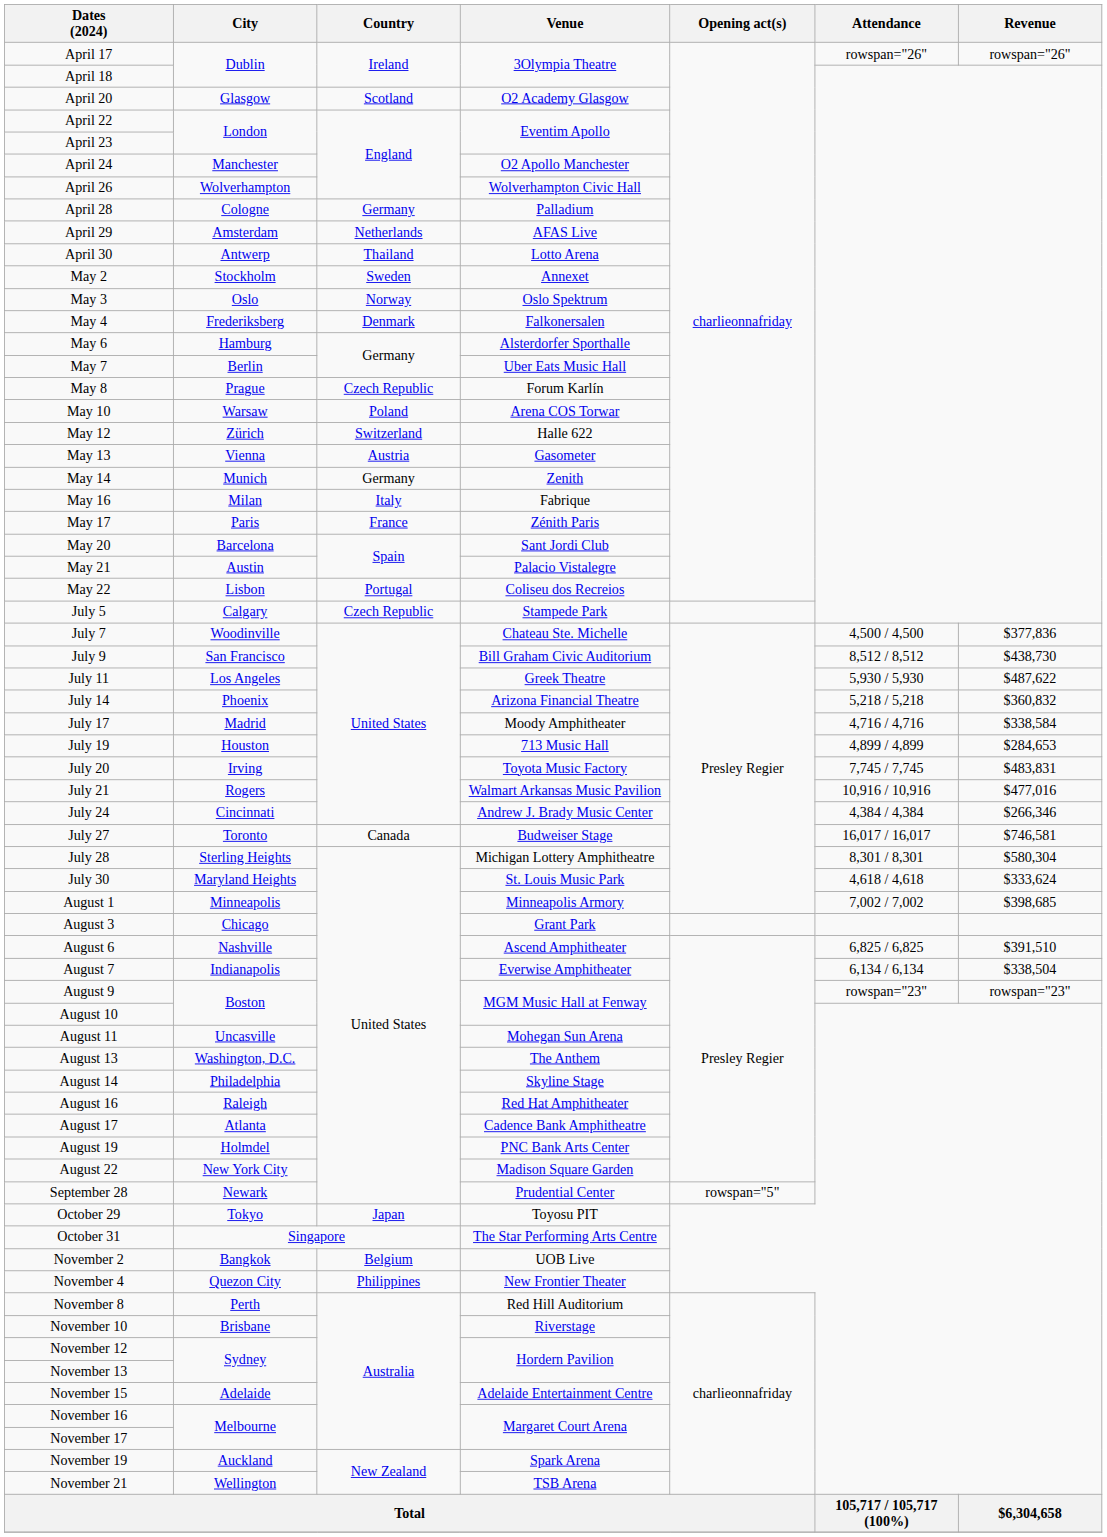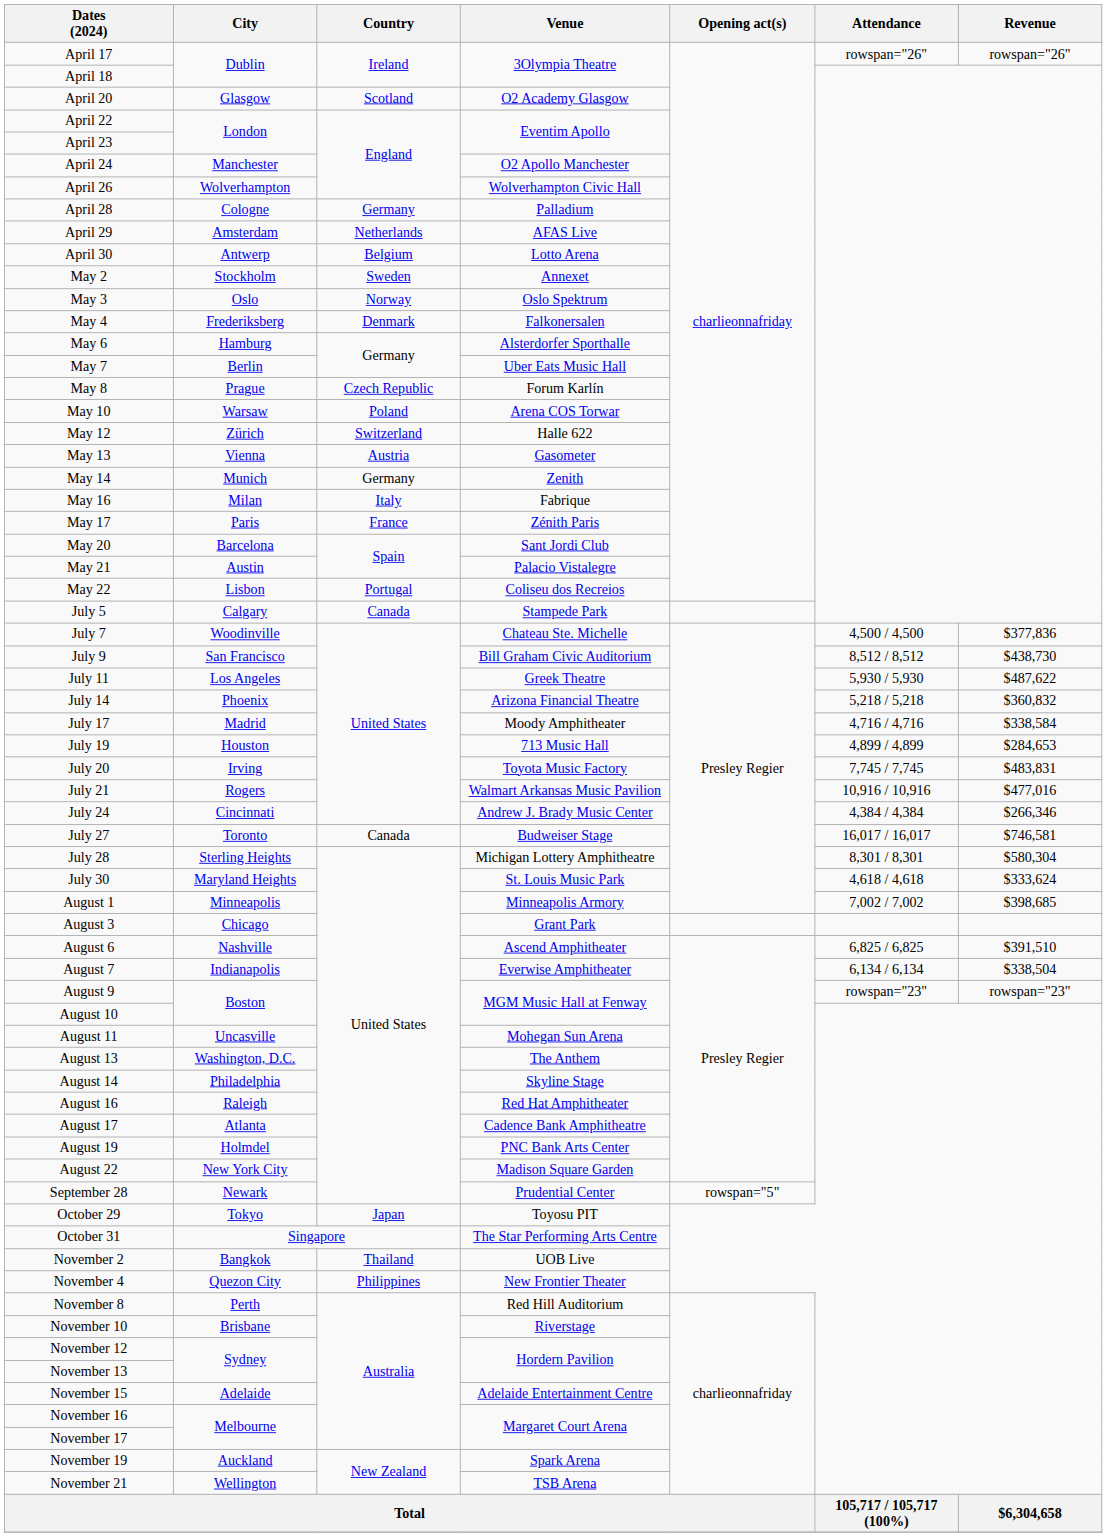 <table class="wikitable plainrowheaders" style="text-align:center;">
 <tr>
 <th scope="col" style="width:12em;">Dates<br>(2024)</th>
 <th scope="col" style="width:10em;">City</th>
 <th scope="col" style="width:10em;">Country</th>
 <th scope="col" style="width:15em;">Venue</th>
 <th scope="col" style="width:10em;">Opening act(s)</th>
 <th scope="col" style="width:10em;">Attendance</th>
 <th scope="col" style="width:10em;">Revenue</th>
 </tr>
 <tr>
 <td>April 17</td>
 <td rowspan="2"><a href='#'>Dublin</a></td>
 <td rowspan="2"><a href='#'>Ireland</a></td>
 <td rowspan="2"><a href='#'>3Olympia Theatre</a></td>
 <td rowspan="25"><a href='#'>charlieonnafriday</a></td>
 <td>rowspan="26" </td>
 <td>rowspan="26" </td>
 </tr>
 <tr>
 <td>April 18</td>
 </tr>
 <tr>
 <td>April 20</td>
 <td><a href='#'>Glasgow</a></td>
 <td><a href='#'>Scotland</a></td>
 <td><a href='#'>O2 Academy Glasgow</a></td>
 </tr>
 <tr>
 <td>April 22</td>
 <td rowspan="2"><a href='#'>London</a></td>
 <td rowspan="4"><a href='#'>England</a></td>
 <td rowspan="2"><a href='#'>Eventim Apollo</a></td>
 </tr>
 <tr>
 <td>April 23</td>
 </tr>
 <tr>
 <td>April 24</td>
 <td><a href='#'>Manchester</a></td>
 <td><a href='#'>O2 Apollo Manchester</a></td>
 </tr>
 <tr>
 <td>April 26</td>
 <td><a href='#'>Wolverhampton</a></td>
 <td><a href='#'>Wolverhampton Civic Hall</a></td>
 </tr>
 <tr>
 <td>April 28</td>
 <td><a href='#'>Cologne</a></td>
 <td><a href='#'>Germany</a></td>
 <td><a href='#'>Palladium</a></td>
 </tr>
 <tr>
 <td>April 29</td>
 <td><a href='#'>Amsterdam</a></td>
 <td><a href='#'>Netherlands</a></td>
 <td><a href='#'>AFAS Live</a></td>
 </tr>
 <tr>
 <td>April 30</td>
 <td><a href='#'>Antwerp</a></td>
-<td><a href='#'>Thailand</a></td>
+<td><a href='#'>Belgium</a></td>
 <td><a href='#'>Lotto Arena</a></td>
 </tr>
 <tr>
 <td>May 2</td>
 <td><a href='#'>Stockholm</a></td>
 <td><a href='#'>Sweden</a></td>
 <td><a href='#'>Annexet</a></td>
 </tr>
 <tr>
 <td>May 3</td>
 <td><a href='#'>Oslo</a></td>
 <td><a href='#'>Norway</a></td>
 <td><a href='#'>Oslo Spektrum</a></td>
 </tr>
 <tr>
 <td>May 4</td>
 <td><a href='#'>Frederiksberg</a></td>
 <td><a href='#'>Denmark</a></td>
 <td><a href='#'>Falkonersalen</a></td>
 </tr>
 <tr>
 <td>May 6</td>
 <td><a href='#'>Hamburg</a></td>
 <td rowspan="2">Germany</td>
 <td><a href='#'>Alsterdorfer Sporthalle</a></td>
 </tr>
 <tr>
 <td>May 7</td>
 <td><a href='#'>Berlin</a></td>
 <td><a href='#'>Uber Eats Music Hall</a></td>
 </tr>
 <tr>
 <td>May 8</td>
 <td><a href='#'>Prague</a></td>
 <td><a href='#'>Czech Republic</a></td>
 <td>Forum Karlín</td>
 </tr>
 <tr>
 <td>May 10</td>
 <td><a href='#'>Warsaw</a></td>
 <td><a href='#'>Poland</a></td>
 <td><a href='#'>Arena COS Torwar</a></td>
 </tr>
 <tr>
 <td>May 12</td>
 <td><a href='#'>Zürich</a></td>
 <td><a href='#'>Switzerland</a></td>
 <td>Halle 622</td>
 </tr>
 <tr>
 <td>May 13</td>
 <td><a href='#'>Vienna</a></td>
 <td><a href='#'>Austria</a></td>
 <td><a href='#'>Gasometer</a></td>
 </tr>
 <tr>
 <td>May 14</td>
 <td><a href='#'>Munich</a></td>
 <td>Germany</td>
 <td><a href='#'>Zenith</a></td>
 </tr>
 <tr>
 <td>May 16</td>
 <td><a href='#'>Milan</a></td>
 <td><a href='#'>Italy</a></td>
 <td>Fabrique</td>
 </tr>
 <tr>
 <td>May 17</td>
 <td><a href='#'>Paris</a></td>
 <td><a href='#'>France</a></td>
 <td><a href='#'>Zénith Paris</a></td>
 </tr>
 <tr>
 <td>May 20</td>
 <td><a href='#'>Barcelona</a></td>
 <td rowspan="2"><a href='#'>Spain</a></td>
 <td><a href='#'>Sant Jordi Club</a></td>
 </tr>
 <tr>
 <td>May 21</td>
 <td><a href='#'>Austin</a></td>
 <td><a href='#'>Palacio Vistalegre</a></td>
 </tr>
 <tr>
 <td>May 22</td>
 <td><a href='#'>Lisbon</a></td>
 <td><a href='#'>Portugal</a></td>
 <td><a href='#'>Coliseu dos Recreios</a></td>
 </tr>
 <tr>
 <td>July 5</td>
 <td><a href='#'>Calgary</a></td>
-<td><a href='#'>Czech Republic</a></td>
+<td><a href='#'>Canada</a></td>
 <td><a href='#'>Stampede Park</a></td>
 <td></td>
 </tr>
 <tr>
 <td>July 7</td>
 <td><a href='#'>Woodinville</a></td>
 <td rowspan="9"><a href='#'>United States</a></td>
 <td><a href='#'>Chateau Ste. Michelle</a></td>
 <td rowspan="13">Presley Regier</td>
 <td>4,500 / 4,500</td>
 <td>$377,836</td>
 </tr>
 <tr>
 <td>July 9</td>
 <td><a href='#'>San Francisco</a></td>
 <td><a href='#'>Bill Graham Civic Auditorium</a></td>
 <td>8,512 / 8,512</td>
 <td>$438,730</td>
 </tr>
 <tr>
 <td>July 11</td>
 <td><a href='#'>Los Angeles</a></td>
 <td><a href='#'>Greek Theatre</a></td>
 <td>5,930 / 5,930</td>
 <td>$487,622</td>
 </tr>
 <tr>
 <td>July 14</td>
 <td><a href='#'>Phoenix</a></td>
 <td><a href='#'>Arizona Financial Theatre</a></td>
 <td>5,218 / 5,218</td>
 <td>$360,832</td>
 </tr>
 <tr>
 <td>July 17</td>
 <td><a href='#'>Madrid</a></td>
 <td>Moody Amphitheater</td>
 <td>4,716 / 4,716</td>
 <td>$338,584</td>
 </tr>
 <tr>
 <td>July 19</td>
 <td><a href='#'>Houston</a></td>
 <td><a href='#'>713 Music Hall</a></td>
 <td>4,899 / 4,899</td>
 <td>$284,653</td>
 </tr>
 <tr>
 <td>July 20</td>
 <td><a href='#'>Irving</a></td>
 <td><a href='#'>Toyota Music Factory</a></td>
 <td>7,745 / 7,745</td>
 <td>$483,831</td>
 </tr>
 <tr>
 <td>July 21</td>
 <td><a href='#'>Rogers</a></td>
 <td><a href='#'>Walmart Arkansas Music Pavilion</a></td>
 <td>10,916 / 10,916</td>
 <td>$477,016</td>
 </tr>
 <tr>
 <td>July 24</td>
 <td><a href='#'>Cincinnati</a></td>
 <td><a href='#'>Andrew J. Brady Music Center</a></td>
 <td>4,384 / 4,384</td>
 <td>$266,346</td>
 </tr>
 <tr>
 <td>July 27</td>
 <td><a href='#'>Toronto</a></td>
 <td>Canada</td>
 <td><a href='#'>Budweiser Stage</a></td>
 <td>16,017 / 16,017</td>
 <td>$746,581</td>
 </tr>
 <tr>
 <td>July 28</td>
 <td><a href='#'>Sterling Heights</a></td>
 <td rowspan="16">United States</td>
 <td>Michigan Lottery Amphitheatre</td>
 <td>8,301 / 8,301</td>
 <td>$580,304</td>
 </tr>
 <tr>
 <td>July 30</td>
 <td><a href='#'>Maryland Heights</a></td>
 <td><a href='#'>St. Louis Music Park</a></td>
 <td>4,618 / 4,618</td>
 <td>$333,624</td>
 </tr>
 <tr>
 <td>August 1</td>
 <td><a href='#'>Minneapolis</a></td>
 <td><a href='#'>Minneapolis Armory</a></td>
 <td>7,002 / 7,002</td>
 <td>$398,685</td>
 </tr>
 <tr>
 <td>August 3</td>
 <td><a href='#'>Chicago</a></td>
 <td><a href='#'>Grant Park</a></td>
 <td></td>
 <td></td>
 <td></td>
 </tr>
 <tr>
 <td>August 6</td>
 <td><a href='#'>Nashville</a></td>
 <td><a href='#'>Ascend Amphitheater</a></td>
 <td rowspan="11">Presley Regier</td>
 <td>6,825 / 6,825</td>
 <td>$391,510</td>
 </tr>
 <tr>
 <td>August 7</td>
 <td><a href='#'>Indianapolis</a></td>
 <td><a href='#'>Everwise Amphitheater</a></td>
 <td>6,134 / 6,134</td>
 <td>$338,504</td>
 </tr>
 <tr>
 <td>August 9</td>
 <td rowspan="2"><a href='#'>Boston</a></td>
 <td rowspan="2"><a href='#'>MGM Music Hall at Fenway</a></td>
 <td>rowspan="23" </td>
 <td>rowspan="23" </td>
 </tr>
 <tr>
 <td>August 10</td>
 </tr>
 <tr>
 <td>August 11</td>
 <td><a href='#'>Uncasville</a></td>
 <td><a href='#'>Mohegan Sun Arena</a></td>
 </tr>
 <tr>
 <td>August 13</td>
 <td><a href='#'>Washington, D.C.</a></td>
 <td><a href='#'>The Anthem</a></td>
 </tr>
 <tr>
 <td>August 14</td>
 <td><a href='#'>Philadelphia</a></td>
 <td><a href='#'>Skyline Stage</a></td>
 </tr>
 <tr>
 <td>August 16</td>
 <td><a href='#'>Raleigh</a></td>
 <td><a href='#'>Red Hat Amphitheater</a></td>
 </tr>
 <tr>
 <td>August 17</td>
 <td><a href='#'>Atlanta</a></td>
 <td><a href='#'>Cadence Bank Amphitheatre</a></td>
 </tr>
 <tr>
 <td>August 19</td>
 <td><a href='#'>Holmdel</a></td>
 <td><a href='#'>PNC Bank Arts Center</a></td>
 </tr>
 <tr>
 <td>August 22</td>
 <td><a href='#'>New York City</a></td>
 <td><a href='#'>Madison Square Garden</a></td>
 </tr>
 <tr>
 <td>September 28</td>
 <td><a href='#'>Newark</a></td>
 <td><a href='#'>Prudential Center</a></td>
 <td>rowspan="5" </td>
 </tr>
 <tr>
 <td>October 29</td>
 <td><a href='#'>Tokyo</a></td>
 <td><a href='#'>Japan</a></td>
 <td>Toyosu PIT</td>
 </tr>
 <tr>
 <td>October 31</td>
 <td colspan="2"><a href='#'>Singapore</a></td>
 <td><a href='#'>The Star Performing Arts Centre</a></td>
 </tr>
 <tr>
 <td>November 2</td>
 <td><a href='#'>Bangkok</a></td>
-<td><a href='#'>Belgium</a></td>
+<td><a href='#'>Thailand</a></td>
 <td>UOB Live</td>
 </tr>
 <tr>
 <td>November 4</td>
 <td><a href='#'>Quezon City</a></td>
 <td><a href='#'>Philippines</a></td>
 <td><a href='#'>New Frontier Theater</a></td>
 </tr>
 <tr>
 <td>November 8</td>
 <td><a href='#'>Perth</a></td>
 <td rowspan="7"><a href='#'>Australia</a></td>
 <td>Red Hill Auditorium</td>
 <td rowspan="9">charlieonnafriday</td>
 </tr>
 <tr>
 <td>November 10</td>
 <td><a href='#'>Brisbane</a></td>
 <td><a href='#'>Riverstage</a></td>
 </tr>
 <tr>
 <td>November 12</td>
 <td rowspan="2"><a href='#'>Sydney</a></td>
 <td rowspan="2"><a href='#'>Hordern Pavilion</a></td>
 </tr>
 <tr>
 <td>November 13</td>
 </tr>
 <tr>
 <td>November 15</td>
 <td><a href='#'>Adelaide</a></td>
 <td><a href='#'>Adelaide Entertainment Centre</a></td>
 </tr>
 <tr>
 <td>November 16</td>
 <td rowspan="2"><a href='#'>Melbourne</a></td>
 <td rowspan="2"><a href='#'>Margaret Court Arena</a></td>
 </tr>
 <tr>
 <td>November 17</td>
 </tr>
 <tr>
 <td>November 19</td>
 <td><a href='#'>Auckland</a></td>
 <td rowspan="2"><a href='#'>New Zealand</a></td>
 <td><a href='#'>Spark Arena</a></td>
 </tr>
 <tr>
 <td>November 21</td>
 <td><a href='#'>Wellington</a></td>
 <td><a href='#'>TSB Arena</a></td>
 </tr>
 <tr>
 <th colspan="5">Total</th>
 <th>105,717 / 105,717 (100%)</th>
 <th>$6,304,658</th>
 </tr>
 <tr>
 </tr>
 </table>
